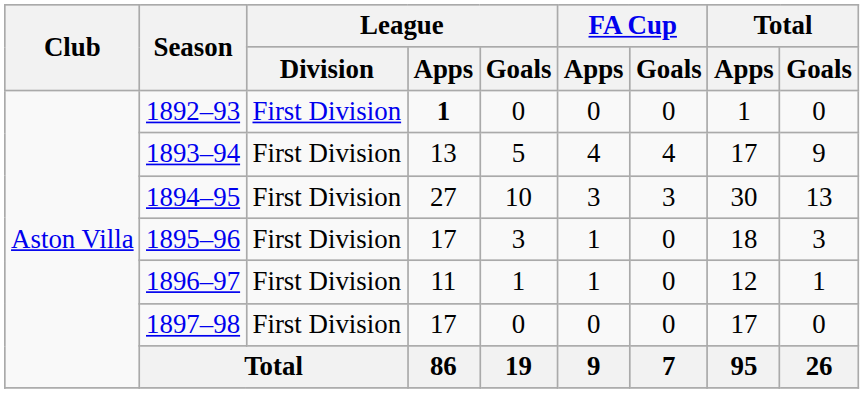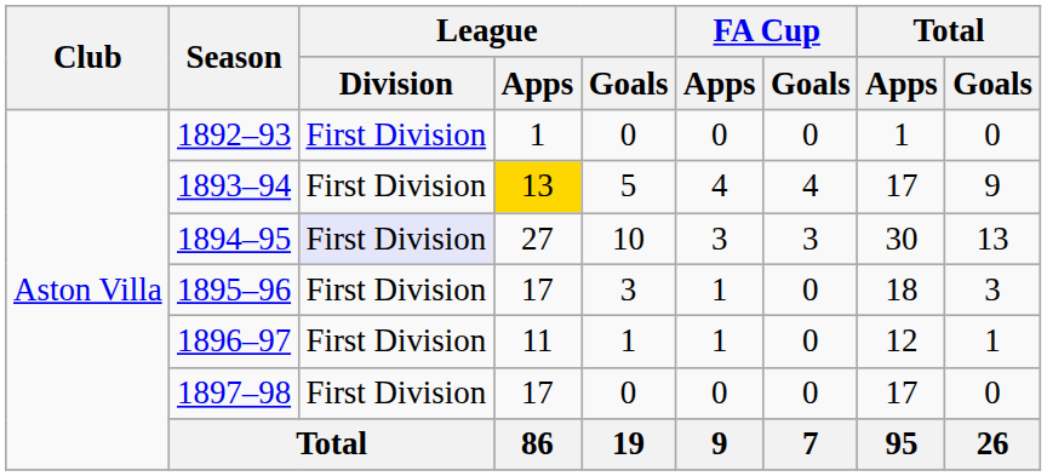 <table class="wikitable" style="text-align:center">
 <tr>
 <th rowspan="2">Club</th>
 <th rowspan="2">Season</th>
 <th colspan="3">League</th>
 <th colspan="2"><a href='#'>FA Cup</a></th>
 <th colspan="2">Total</th>
 </tr>
 <tr>
 <th>Division</th>
 <th>Apps</th>
 <th>Goals</th>
 <th>Apps</th>
 <th>Goals</th>
 <th>Apps</th>
 <th>Goals</th>
 </tr>
 <tr>
 <td rowspan="7"><a href='#'>Aston Villa</a></td>
 <td><a href='#'>1892–93</a></td>
 <td><a href='#'>First Division</a></td>
-<td><strong>1</strong></td>
+<td>1</td>
 <td>0</td>
 <td>0</td>
 <td>0</td>
 <td>1</td>
 <td>0</td>
 </tr>
 <tr>
 <td><a href='#'>1893–94</a></td>
 <td>First Division</td>
-<td>13</td>
+<td style="background: gold;">13</td>
 <td>5</td>
 <td>4</td>
 <td>4</td>
 <td>17</td>
 <td>9</td>
 </tr>
 <tr>
 <td><a href='#'>1894–95</a></td>
-<td>First Division</td>
+<td style="background: lavender;">First Division</td>
 <td>27</td>
 <td>10</td>
 <td>3</td>
 <td>3</td>
 <td>30</td>
 <td>13</td>
 </tr>
 <tr>
 <td><a href='#'>1895–96</a></td>
 <td>First Division</td>
 <td>17</td>
 <td>3</td>
 <td>1</td>
 <td>0</td>
 <td>18</td>
 <td>3</td>
 </tr>
 <tr>
 <td><a href='#'>1896–97</a></td>
 <td>First Division</td>
 <td>11</td>
 <td>1</td>
 <td>1</td>
 <td>0</td>
 <td>12</td>
 <td>1</td>
 </tr>
 <tr>
 <td><a href='#'>1897–98</a></td>
 <td>First Division</td>
 <td>17</td>
 <td>0</td>
 <td>0</td>
 <td>0</td>
 <td>17</td>
 <td>0</td>
 </tr>
 <tr>
 <th colspan="2">Total</th>
 <th>86</th>
 <th>19</th>
 <th>9</th>
 <th>7</th>
 <th>95</th>
 <th>26</th>
 </tr>
 </table>
